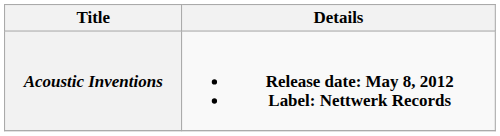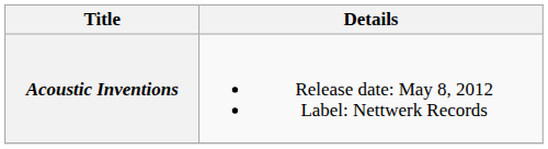 <table class="wikitable plainrowheaders" style="text-align:center;">
 <tr>
 <th style="width:10em;">Title</th>
 <th style="width:18em;">Details</th>
 </tr>
 <tr>
 <th scope="row"><em>Acoustic Inventions</em></th>
-<td><strong><br><ul><li>Release date: May 8, 2012</li><li>Label: Nettwerk Records</li></ul></strong></td>
+<td><br><ul><li>Release date: May 8, 2012</li><li>Label: Nettwerk Records</li></ul></td>
 </tr>
 <tr>
 </tr>
 </table>
